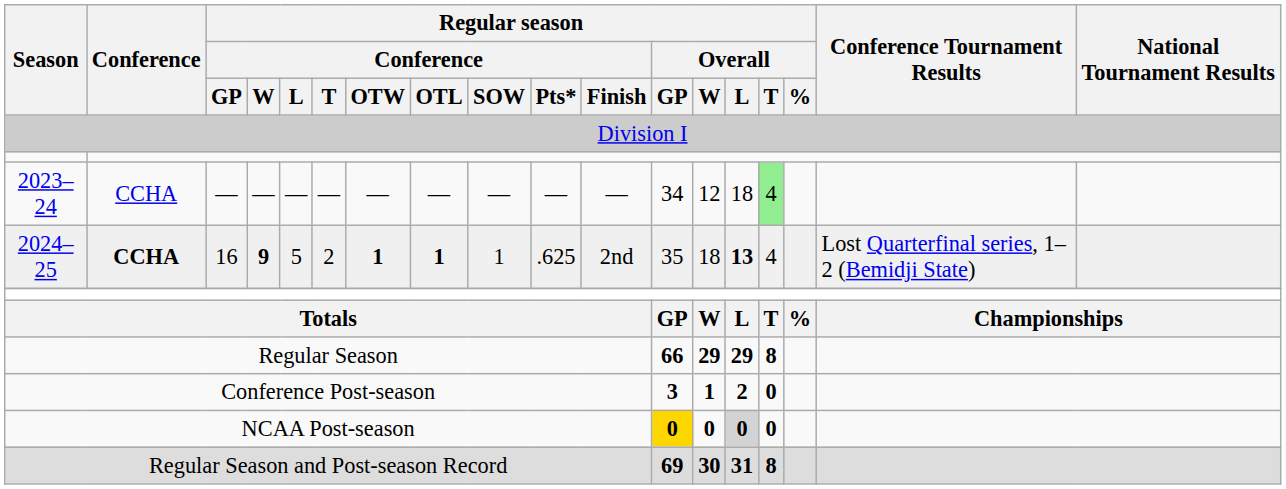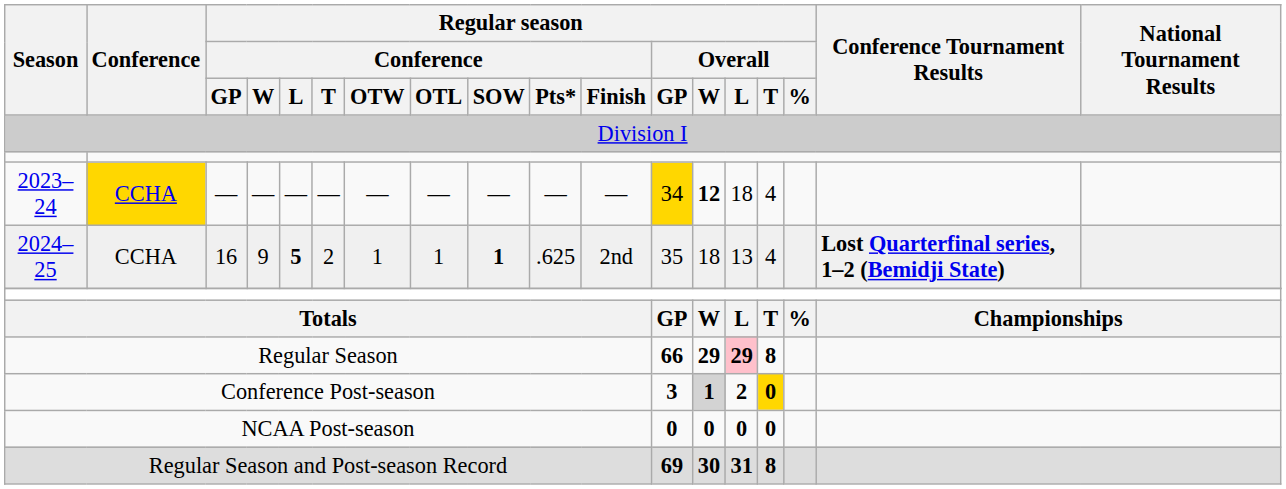 <table class="wikitable" style="text-align: center; font-size: 95%">
 <tr>
 <th rowspan="3">Season</th>
 <th rowspan="3">Conference</th>
 <th colspan="14">Regular season</th>
 <th rowspan="3">Conference Tournament Results</th>
 <th rowspan="3">National Tournament Results</th>
 </tr>
 <tr>
 <th colspan="9">Conference</th>
 <th colspan="5">Overall</th>
 </tr>
 <tr>
 <th>GP</th>
 <th>W</th>
 <th>L</th>
 <th>T</th>
 <th>OTW</th>
 <th>OTL</th>
 <th>SOW</th>
 <th>Pts*</th>
 <th>Finish</th>
 <th>GP</th>
 <th>W</th>
 <th>L</th>
 <th>T</th>
 <th>%</th>
 </tr>
 <tr>
 <td style="background:#cccccc;" colspan="19"><a href='#'>Division I</a></td>
 </tr>
 <tr>
 <td><a href='#'></a> </td>
 </tr>
 <tr>
 <td><a href='#'>2023–24</a></td>
-<td><a href='#'>CCHA</a></td>
+<td style="background: gold;"><a href='#'>CCHA</a></td>
 <td>—</td>
 <td>—</td>
 <td>—</td>
 <td>—</td>
 <td>—</td>
 <td>—</td>
 <td>—</td>
 <td>—</td>
 <td>—</td>
-<td>34</td>
-<td>12</td>
+<td style="background: gold;">34</td>
+<td><strong>12</strong></td>
 <td>18</td>
-<td style="background: lightgreen;">4</td>
+<td>4</td>
 <td></td>
 <td align="left"></td>
 <td align="left"></td>
 </tr>
 <tr bgcolor=f0f0f0>
 <td><a href='#'>2024–25</a></td>
-<td><strong>CCHA</strong></td>
+<td>CCHA</td>
 <td>16</td>
-<td><strong>9</strong></td>
-<td>5</td>
+<td>9</td>
+<td><strong>5</strong></td>
 <td>2</td>
+<td>1</td>
+<td>1</td>
 <td><strong>1</strong></td>
-<td><strong>1</strong></td>
-<td>1</td>
 <td>.625</td>
 <td>2nd</td>
 <td>35</td>
 <td>18</td>
-<td><strong>13</strong></td>
+<td>13</td>
 <td>4</td>
 <td></td>
-<td align="left">Lost <a href='#'>Quarterfinal series</a>, 1–2 (<a href='#'>Bemidji State</a>)</td>
+<td align="left"><strong>Lost <a href='#'>Quarterfinal series</a>, 1–2 (<a href='#'>Bemidji State</a>)</strong></td>
 <td align="left"></td>
 </tr>
 <tr>
 </tr>
 <tr ->
 </tr>
 <tr>
 <td colspan="19" style="background:#fff;"></td>
 </tr>
 <tr>
 <th colspan="11">Totals</th>
 <th>GP</th>
 <th>W</th>
 <th>L</th>
 <th>T</th>
 <th>%</th>
 <th colspan="2">Championships</th>
 </tr>
 <tr>
 <td colspan="11">Regular Season</td>
 <td><strong>66</strong></td>
 <td><strong>29</strong></td>
-<td><strong>29</strong></td>
+<td style="background: pink;"><strong>29</strong></td>
 <td><strong>8</strong></td>
 <td><strong></strong></td>
 <td colspan="2" align="left"></td>
 </tr>
 <tr>
 <td colspan="11">Conference Post-season</td>
 <td><strong>3</strong></td>
-<td><strong>1</strong></td>
+<td style="background: lightgrey;"><strong>1</strong></td>
 <td><strong>2</strong></td>
-<td><strong>0</strong></td>
+<td style="background: gold;"><strong>0</strong></td>
 <td><strong></strong></td>
 <td colspan="2" align="left"></td>
 </tr>
 <tr>
 <td colspan="11">NCAA Post-season</td>
-<td style="background: gold;"><strong>0</strong></td>
 <td><strong>0</strong></td>
-<td style="background: lightgrey;"><strong>0</strong></td>
+<td><strong>0</strong></td>
+<td><strong>0</strong></td>
 <td><strong>0</strong></td>
 <td><strong></strong></td>
 <td colspan="2" align="left"></td>
 </tr>
 <tr bgcolor=dddddd>
 <td colspan="11">Regular Season and Post-season Record</td>
 <td><strong>69</strong></td>
 <td><strong>30</strong></td>
 <td><strong>31</strong></td>
 <td><strong>8</strong></td>
 <td><strong></strong></td>
 <td colspan="2" align="left"></td>
 </tr>
 </table>
